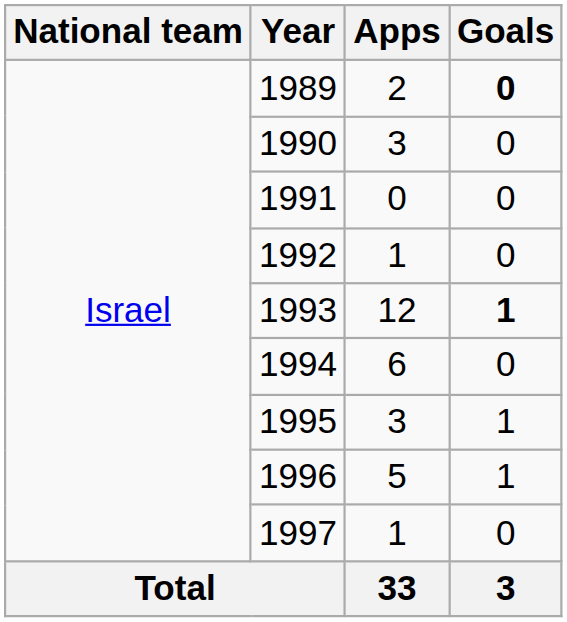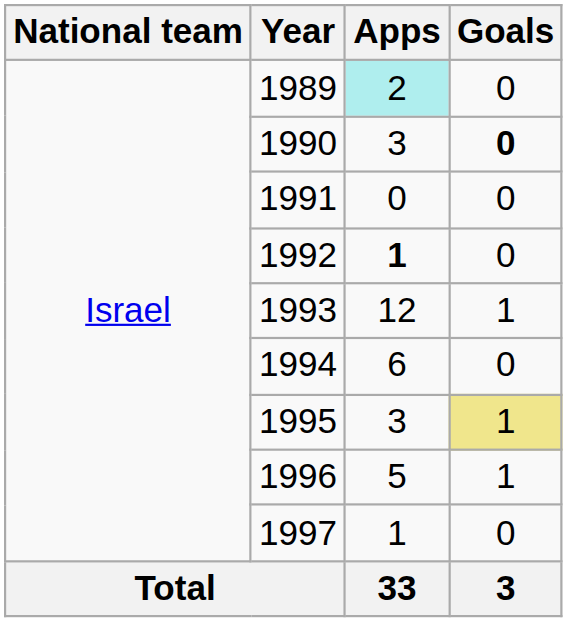 <table class="wikitable" style="text-align:center">
 <tr>
 <th>National team</th>
 <th>Year</th>
 <th>Apps</th>
 <th>Goals</th>
 </tr>
 <tr>
 <td rowspan="9"><a href='#'>Israel</a></td>
 <td>1989</td>
-<td>2</td>
-<td><strong>0</strong></td>
+<td style="background: paleturquoise;">2</td>
+<td>0</td>
 </tr>
 <tr>
 <td>1990</td>
 <td>3</td>
-<td>0</td>
+<td><strong>0</strong></td>
 </tr>
 <tr>
 <td>1991</td>
 <td>0</td>
 <td>0</td>
 </tr>
 <tr>
 <td>1992</td>
-<td>1</td>
+<td><strong>1</strong></td>
 <td>0</td>
 </tr>
 <tr>
 <td>1993</td>
 <td>12</td>
-<td><strong>1</strong></td>
+<td>1</td>
 </tr>
 <tr>
 <td>1994</td>
 <td>6</td>
 <td>0</td>
 </tr>
 <tr>
 <td>1995</td>
 <td>3</td>
-<td>1</td>
+<td style="background: khaki;">1</td>
 </tr>
 <tr>
 <td>1996</td>
 <td>5</td>
 <td>1</td>
 </tr>
 <tr>
 <td>1997</td>
 <td>1</td>
 <td>0</td>
 </tr>
 <tr>
 <th colspan="2">Total</th>
 <th>33</th>
 <th>3</th>
 </tr>
 </table>
